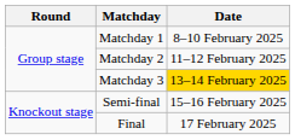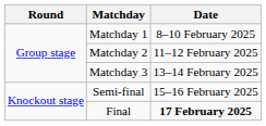 <table class="wikitable" style="text-align:center">
 <tr>
 <th>Round</th>
 <th>Matchday</th>
 <th>Date</th>
 </tr>
 <tr>
 <td rowspan="3"><a href='#'>Group stage</a></td>
 <td>Matchday 1</td>
 <td>8–10 February 2025</td>
 </tr>
 <tr>
 <td>Matchday 2</td>
 <td>11–12 February 2025</td>
 </tr>
 <tr>
 <td>Matchday 3</td>
-<td style="background: gold;">13–14 February 2025</td>
+<td>13–14 February 2025</td>
 </tr>
 <tr>
 <td rowspan="2"><a href='#'>Knockout stage</a></td>
 <td>Semi-final</td>
 <td>15–16 February 2025</td>
 </tr>
 <tr>
 <td>Final</td>
-<td>17 February 2025</td>
+<td><strong>17 February 2025</strong></td>
 </tr>
 </table>
